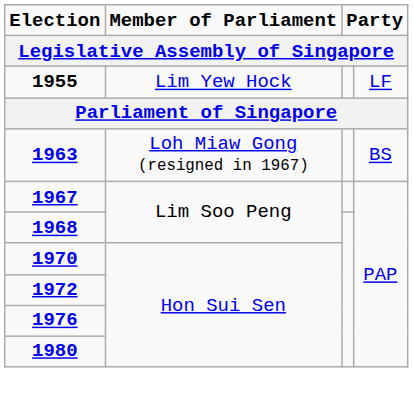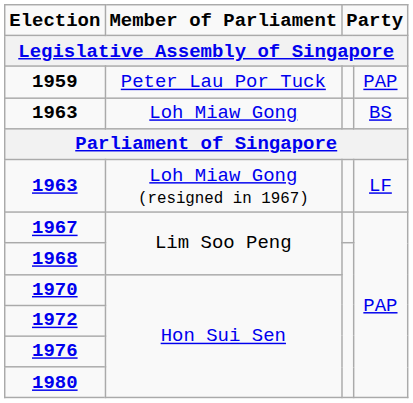 <table class="wikitable" align="center" style="text-align:center">
 <tr>
 <td><strong>Election </strong></td>
 <td><strong>Member of Parliament</strong></td>
 <td colspan="2"><strong>Party</strong></td>
 </tr>
 <tr>
 <th colspan="4"><a href='#'>Legislative Assembly of Singapore</a></th>
 </tr>
 <tr>
-<td><strong>1955</strong></td>
-<td><a href='#'>Lim Yew Hock</a></td>
+<td><strong>1959</strong></td>
+<td><a href='#'>Peter Lau Por Tuck</a></td>
 <td></td>
-<td><a href='#'>LF</a></td>
+<td><a href='#'>PAP</a></td>
+</tr>
+<tr>
+<td><strong>1963</strong></td>
+<td><a href='#'>Loh Miaw Gong</a></td>
+<td></td>
+<td><a href='#'>BS</a></td>
 </tr>
 <tr>
 <th colspan="4"><a href='#'>Parliament of Singapore</a></th>
 </tr>
 <tr>
 <td><strong><a href='#'>1963</a></strong></td>
 <td><a href='#'>Loh Miaw Gong</a><br><small> (resigned in 1967)</small></td>
 <td></td>
-<td><a href='#'>BS</a></td>
+<td><a href='#'>LF</a></td>
 </tr>
 <tr>
 <td><strong><a href='#'>1967</a></strong></td>
 <td rowspan="2">Lim Soo Peng</td>
 <td></td>
 <td rowspan="6"><a href='#'>PAP</a></td>
 </tr>
 <tr>
 <td><strong><a href='#'>1968</a></strong></td>
 </tr>
 <tr>
 <td><strong><a href='#'>1970</a></strong></td>
 <td rowspan="4"><a href='#'>Hon Sui Sen</a></td>
 </tr>
 <tr>
 <td><strong><a href='#'>1972</a></strong></td>
 </tr>
 <tr>
 <td><strong><a href='#'>1976</a></strong></td>
 </tr>
 <tr>
 <td><strong><a href='#'>1980</a></strong></td>
 </tr>
 </table>
